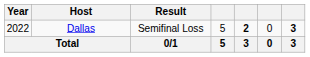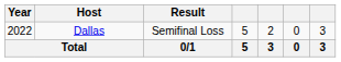 <table class="wikitable" style="text-align:center">
 <tr>
 <th width=30>Year</th>
 <th width=150>Host</th>
 <th width=120>Result</th>
 <th width=30></th>
 <th width=30></th>
 <th width=30></th>
 <th width=30></th>
 </tr>
 <tr>
 <td>2022</td>
 <td> <a href='#'>Dallas</a></td>
 <td>Semifinal Loss</td>
 <td>5</td>
-<td><strong>2</strong></td>
+<td>2</td>
 <td>0</td>
-<td><strong>3</strong></td>
+<td>3</td>
 </tr>
 <tr>
 <th colspan=2>Total</th>
 <th>0/1</th>
 <th>5</th>
 <th>3</th>
 <th>0</th>
 <th>3</th>
 </tr>
 </table>
